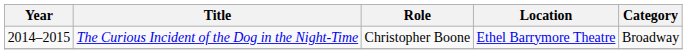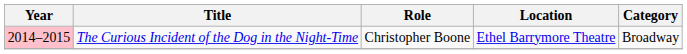 <table class="wikitable sortable">
 <tr>
 <th>Year</th>
 <th>Title</th>
 <th>Role</th>
 <th>Location</th>
 <th>Category</th>
 </tr>
 <tr>
-<td style="text-align:center">2014–2015</td>
+<td style="background: pink; text-align:center">2014–2015</td>
 <td><em><a href='#'>The Curious Incident of the Dog in the Night-Time</a></em></td>
 <td>Christopher Boone</td>
 <td><a href='#'>Ethel Barrymore Theatre</a></td>
 <td>Broadway</td>
 </tr>
 <tr>
 </tr>
 </table>
